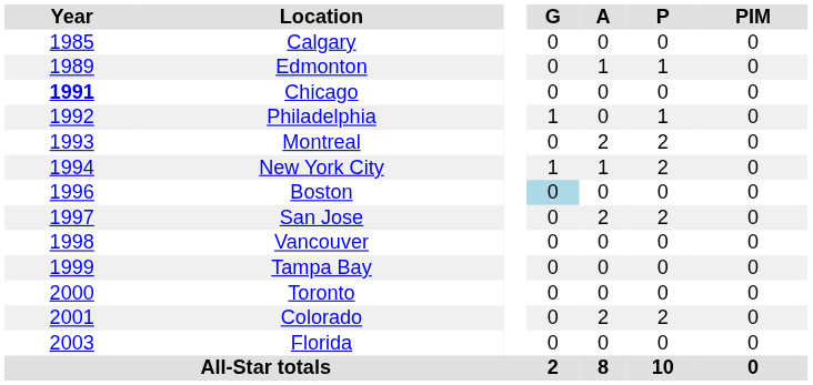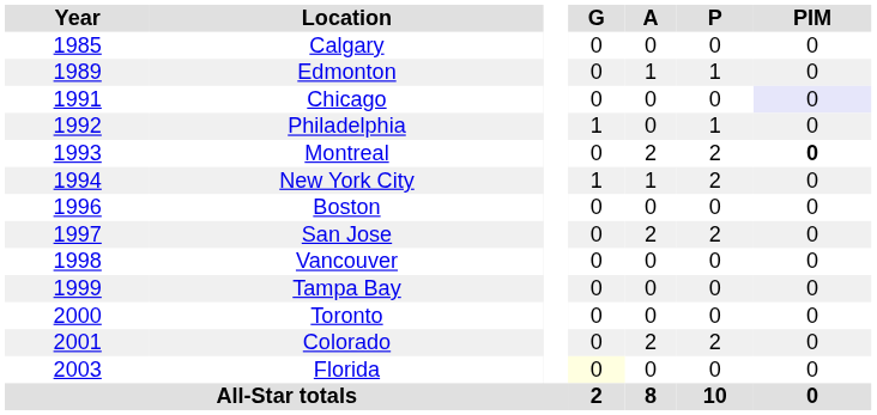 <table border="0" cellpadding="1" cellspacing="0" style="text-align:center; width:40em">
 <tr align="center"; bgcolor="#e0e0e0">
 <th>Year</th>
 <th>Location</th>
 <th rowspan="99" bgcolor="#ffffff"> </th>
 <th>G</th>
 <th>A</th>
 <th>P</th>
 <th>PIM</th>
 </tr>
 <tr>
 <td><a href='#'>1985</a></td>
 <td><a href='#'>Calgary</a></td>
 <td>0</td>
 <td>0</td>
 <td>0</td>
 <td>0</td>
 </tr>
 <tr bgcolor="#f0f0f0">
 <td><a href='#'>1989</a></td>
 <td><a href='#'>Edmonton</a></td>
 <td>0</td>
 <td>1</td>
 <td>1</td>
 <td>0</td>
 </tr>
 <tr>
-<td><strong><a href='#'>1991</a></strong></td>
+<td><a href='#'>1991</a></td>
 <td><a href='#'>Chicago</a></td>
 <td>0</td>
 <td>0</td>
 <td>0</td>
-<td>0</td>
+<td style="background: lavender;">0</td>
 </tr>
 <tr bgcolor="#f0f0f0">
 <td><a href='#'>1992</a></td>
 <td><a href='#'>Philadelphia</a></td>
 <td>1</td>
 <td>0</td>
 <td>1</td>
 <td>0</td>
 </tr>
 <tr>
 <td><a href='#'>1993</a></td>
 <td><a href='#'>Montreal</a></td>
 <td>0</td>
 <td>2</td>
 <td>2</td>
-<td>0</td>
+<td><strong>0</strong></td>
 </tr>
 <tr bgcolor="#f0f0f0">
 <td><a href='#'>1994</a></td>
 <td><a href='#'>New York City</a></td>
 <td>1</td>
 <td>1</td>
 <td>2</td>
 <td>0</td>
 </tr>
 <tr>
 <td><a href='#'>1996</a></td>
 <td><a href='#'>Boston</a></td>
-<td style="background: lightblue;">0</td>
+<td>0</td>
 <td>0</td>
 <td>0</td>
 <td>0</td>
 </tr>
 <tr bgcolor="#f0f0f0">
 <td><a href='#'>1997</a></td>
 <td><a href='#'>San Jose</a></td>
 <td>0</td>
 <td>2</td>
 <td>2</td>
 <td>0</td>
 </tr>
 <tr>
 <td><a href='#'>1998</a></td>
 <td><a href='#'>Vancouver</a></td>
 <td>0</td>
 <td>0</td>
 <td>0</td>
 <td>0</td>
 </tr>
 <tr bgcolor="#f0f0f0">
 <td><a href='#'>1999</a></td>
 <td><a href='#'>Tampa Bay</a></td>
 <td>0</td>
 <td>0</td>
 <td>0</td>
 <td>0</td>
 </tr>
 <tr>
 <td><a href='#'>2000</a></td>
 <td><a href='#'>Toronto</a></td>
 <td>0</td>
 <td>0</td>
 <td>0</td>
 <td>0</td>
 </tr>
 <tr bgcolor="#f0f0f0">
 <td><a href='#'>2001</a></td>
 <td><a href='#'>Colorado</a></td>
 <td>0</td>
 <td>2</td>
 <td>2</td>
 <td>0</td>
 </tr>
 <tr>
 <td><a href='#'>2003</a></td>
 <td><a href='#'>Florida</a></td>
-<td>0</td>
+<td style="background: lightyellow;">0</td>
 <td>0</td>
 <td>0</td>
 <td>0</td>
 </tr>
 <tr bgcolor="#e0e0e0">
 <th colspan=3>All-Star totals</th>
 <th>2</th>
 <th>8</th>
 <th>10</th>
 <th>0</th>
 </tr>
 </table>
